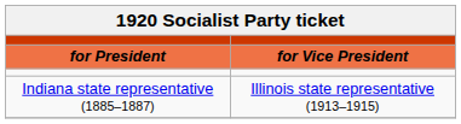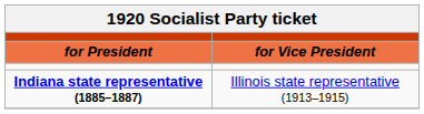 <table class="wikitable" style="font-size:90%; text-align:center;">
 <tr>
 <td style="background:#f1f1f1;" colspan="30"><big><strong>1920 Socialist Party ticket</strong></big></td>
 </tr>
 <tr>
 <th style="width:3em; font-size:135%; background:#CD3700; width:200px;"><a href='#'></a></th>
 <th style="width:3em; font-size:135%; background:#CD3700; width:200px;"><a href='#'></a></th>
 </tr>
 <tr style="color:#000; font-size:100%; background:#EF7245;">
 <td style="width:3em; width:200px;"><strong><em>for President</em></strong></td>
 <td style="width:3em; width:200px;"><strong><em>for Vice President</em></strong></td>
 </tr>
 <tr>
 <td></td>
 <td></td>
 </tr>
 <tr>
-<td><a href='#'>Indiana state representative</a><br><small>(1885–1887)</small></td>
+<td><strong><a href='#'>Indiana state representative</a><br><small>(1885–1887)</small></strong></td>
 <td><a href='#'>Illinois state representative</a><br><small>(1913–1915)</small></td>
 </tr>
 <tr>
 </tr>
 </table>
